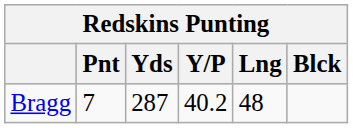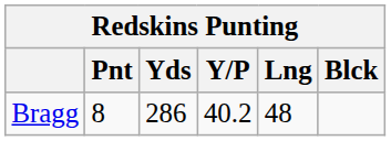 <table class="wikitable">
 <tr>
 <th colspan="6">Redskins Punting</th>
 </tr>
 <tr>
 <th></th>
 <th>Pnt</th>
 <th>Yds</th>
 <th>Y/P</th>
 <th>Lng</th>
 <th>Blck</th>
 </tr>
 <tr>
 <td><a href='#'>Bragg</a></td>
-<td>7</td>
-<td>287</td>
+<td>8</td>
+<td>286</td>
 <td>40.2</td>
 <td>48</td>
 <td></td>
 </tr>
 </table>
